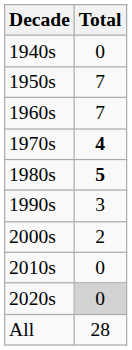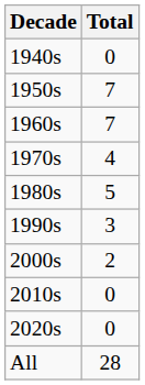 <table class="sortable wikitable" style="text-align:center">
 <tr>
 <th>Decade</th>
 <th>Total</th>
 </tr>
 <tr>
 <td align="left">1940s</td>
 <td>0</td>
 </tr>
 <tr>
 <td align="left">1950s</td>
 <td>7</td>
 </tr>
 <tr>
 <td align="left">1960s</td>
 <td>7</td>
 </tr>
 <tr>
 <td align="left">1970s</td>
-<td><strong>4</strong></td>
+<td>4</td>
 </tr>
 <tr>
 <td align="left">1980s</td>
-<td><strong>5</strong></td>
+<td>5</td>
 </tr>
 <tr>
 <td align="left">1990s</td>
 <td>3</td>
 </tr>
 <tr>
 <td align="left">2000s</td>
 <td>2</td>
 </tr>
 <tr>
 <td align="left">2010s</td>
 <td>0</td>
 </tr>
 <tr>
 <td align="left">2020s</td>
-<td style="background: lightgrey;">0</td>
+<td>0</td>
 </tr>
 <tr>
 <td align="left">All</td>
 <td>28</td>
 </tr>
 </table>
